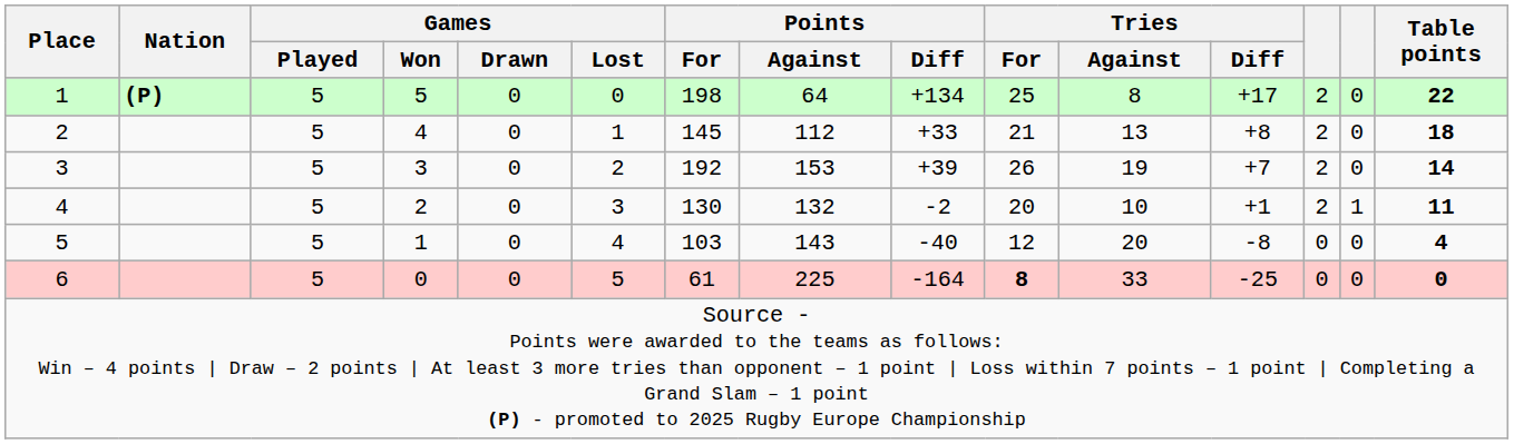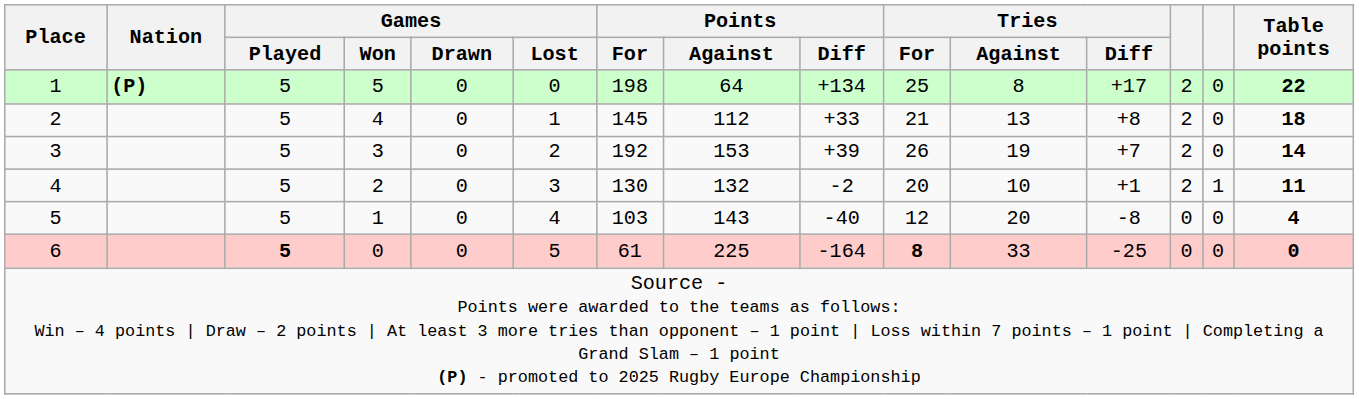 <table class="wikitable" style="text-align:center">
 <tr>
 <th rowspan="2">Place</th>
 <th rowspan="2">Nation</th>
 <th colspan="4">Games</th>
 <th colspan="3">Points</th>
 <th colspan="3">Tries</th>
 <th rowspan="2"></th>
 <th rowspan="2"></th>
 <th rowspan="2">Table<br>points</th>
 </tr>
 <tr>
 <th>Played</th>
 <th>Won</th>
 <th>Drawn</th>
 <th>Lost</th>
 <th>For</th>
 <th>Against</th>
 <th>Diff</th>
 <th>For</th>
 <th>Against</th>
 <th>Diff</th>
 </tr>
 <tr bgcolor="#ccffcc">
 <td>1</td>
 <td style="text-align:left"> <strong>(P)</strong></td>
 <td>5</td>
 <td>5</td>
 <td>0</td>
 <td>0</td>
 <td>198</td>
 <td>64</td>
 <td>+134</td>
 <td>25</td>
 <td>8</td>
 <td>+17</td>
 <td>2</td>
 <td>0</td>
 <td><strong>22</strong></td>
 </tr>
 <tr>
 <td>2</td>
 <td style="text-align:left"></td>
 <td>5</td>
 <td>4</td>
 <td>0</td>
 <td>1</td>
 <td>145</td>
 <td>112</td>
 <td>+33</td>
 <td>21</td>
 <td>13</td>
 <td>+8</td>
 <td>2</td>
 <td>0</td>
 <td><strong>18</strong></td>
 </tr>
 <tr>
 <td>3</td>
 <td style="text-align:left"></td>
 <td>5</td>
 <td>3</td>
 <td>0</td>
 <td>2</td>
 <td>192</td>
 <td>153</td>
 <td>+39</td>
 <td>26</td>
 <td>19</td>
 <td>+7</td>
 <td>2</td>
 <td>0</td>
 <td><strong>14</strong></td>
 </tr>
 <tr>
 <td>4</td>
 <td style="text-align:left"></td>
 <td>5</td>
 <td>2</td>
 <td>0</td>
 <td>3</td>
 <td>130</td>
 <td>132</td>
 <td>-2</td>
 <td>20</td>
 <td>10</td>
 <td>+1</td>
 <td>2</td>
 <td>1</td>
 <td><strong>11</strong></td>
 </tr>
 <tr>
 <td>5</td>
 <td style="text-align:left"></td>
 <td>5</td>
 <td>1</td>
 <td>0</td>
 <td>4</td>
 <td>103</td>
 <td>143</td>
 <td>-40</td>
 <td>12</td>
 <td>20</td>
 <td>-8</td>
 <td>0</td>
 <td>0</td>
 <td><strong>4</strong></td>
 </tr>
 <tr bgcolor="#ffcccc">
 <td>6</td>
 <td style="text-align:left"></td>
-<td>5</td>
+<td><strong>5</strong></td>
 <td>0</td>
 <td>0</td>
 <td>5</td>
 <td>61</td>
 <td>225</td>
 <td>-164</td>
 <td><strong>8</strong></td>
 <td>33</td>
 <td>-25</td>
 <td>0</td>
 <td>0</td>
 <td><strong>0</strong></td>
 </tr>
 <tr>
 <td colspan="16" style="text-align:center">Source - <br><small>Points were awarded to the teams as follows:<br>Win – 4 points | Draw – 2 points | At least 3 more tries than opponent – 1 point | Loss within 7 points – 1 point | Completing a Grand Slam – 1 point</small><br><small> <strong>(P)</strong> - promoted to 2025 Rugby Europe Championship </small></td>
 </tr>
 </table>
